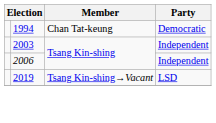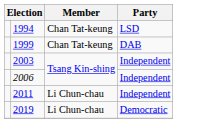 <table class="wikitable">
 <tr>
 <th colspan="2">Election</th>
 <th>Member</th>
 <th>Party</th>
 </tr>
 <tr>
 <td style="background-color: "></td>
 <td><a href='#'>1994</a></td>
 <td>Chan Tat-keung</td>
-<td><a href='#'>Democratic</a></td>
+<td><a href='#'>LSD</a></td>
+</tr>
+<tr>
+<td style="background-color: "></td>
+<td><a href='#'>1999</a></td>
+<td>Chan Tat-keung</td>
+<td><a href='#'>DAB</a></td>
 </tr>
 <tr>
 <td style="background-color: "></td>
 <td><a href='#'>2003</a></td>
 <td rowspan=2><a href='#'>Tsang Kin-shing</a></td>
 <td><a href='#'>Independent</a></td>
 </tr>
 <tr>
 <td style="background-color: "></td>
 <td><em>2006</em></td>
 <td><a href='#'>Independent</a></td>
 </tr>
 <tr>
 <td style="background-color: "></td>
+<td><a href='#'>2011</a></td>
+<td>Li Chun-chau</td>
+<td><a href='#'>Independent</a></td>
+</tr>
+<tr>
+<td style="background-color: "></td>
 <td><a href='#'>2019</a></td>
-<td><a href='#'>Tsang Kin-shing</a>→<em>Vacant</em> </td>
-<td><a href='#'>LSD</a></td>
+<td>Li Chun-chau</td>
+<td><a href='#'>Democratic</a></td>
 </tr>
 <tr>
 </tr>
 </table>
